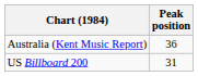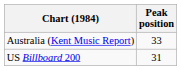 <table class="wikitable">
 <tr>
 <th scope="col">Chart (1984)</th>
 <th>Peak<br>position</th>
 </tr>
 <tr>
 <td>Australia (<a href='#'>Kent Music Report</a>)</td>
-<td style="text-align:center;">36</td>
+<td style="text-align:center;">33</td>
 </tr>
 <tr>
 <td>US <a href='#'><em>Billboard</em> 200</a></td>
 <td style="text-align:center;">31</td>
 </tr>
 </table>
